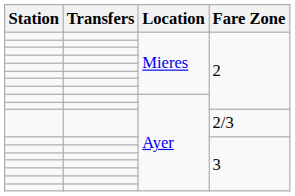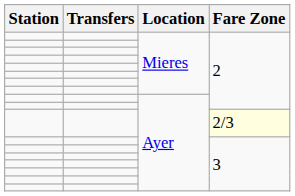 <table class="wikitable" style="font-size:90%">
 <tr>
 <th>Station</th>
 <th>Transfers</th>
 <th>Location</th>
 <th>Fare Zone</th>
 </tr>
 <tr>
 <td></td>
 <td></td>
 <td rowspan="8"><a href='#'>Mieres</a></td>
 <td rowspan="10">2</td>
 </tr>
 <tr>
 <td></td>
 <td align="center"></td>
 </tr>
 <tr>
 <td></td>
 <td align="center"></td>
 </tr>
 <tr>
 <td></td>
 <td align="center"></td>
 </tr>
 <tr>
 <td></td>
 <td></td>
 </tr>
 <tr>
 <td></td>
 <td></td>
 </tr>
 <tr>
 <td></td>
 <td></td>
 </tr>
 <tr>
 <td></td>
 <td align="center"></td>
 </tr>
 <tr>
 <td></td>
 <td align="center"></td>
 <td rowspan="10"><a href='#'>Ayer</a></td>
 </tr>
 <tr>
 <td></td>
 <td align="center"></td>
 </tr>
 <tr>
 <td></td>
 <td></td>
-<td>2/3</td>
+<td style="background: lightyellow;">2/3</td>
 </tr>
 <tr>
 <td></td>
 <td></td>
 <td rowspan="7">3</td>
 </tr>
 <tr>
 <td></td>
 <td></td>
 </tr>
 <tr>
 <td></td>
 <td></td>
 </tr>
 <tr>
 <td></td>
 <td></td>
 </tr>
 <tr>
 <td></td>
 <td></td>
 </tr>
 <tr>
 <td></td>
 <td></td>
 </tr>
 <tr>
 <td></td>
 <td></td>
 </tr>
 </table>
